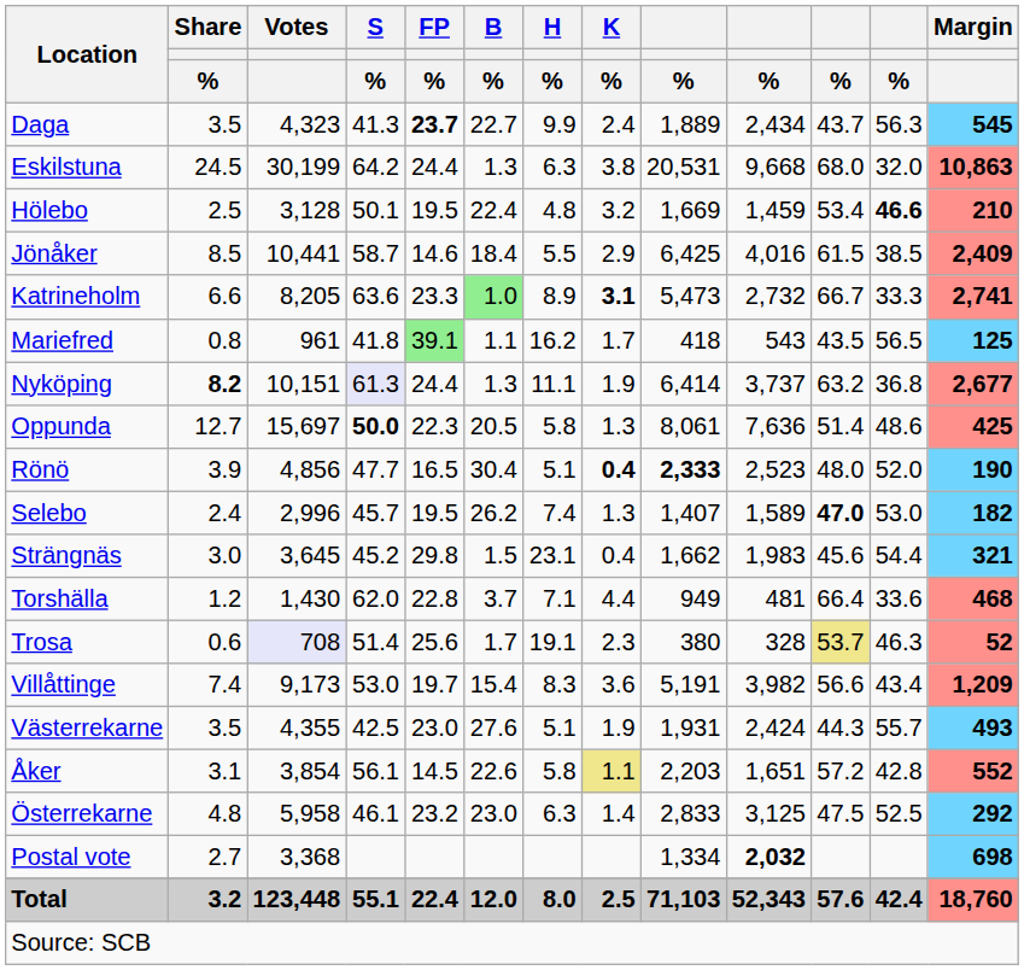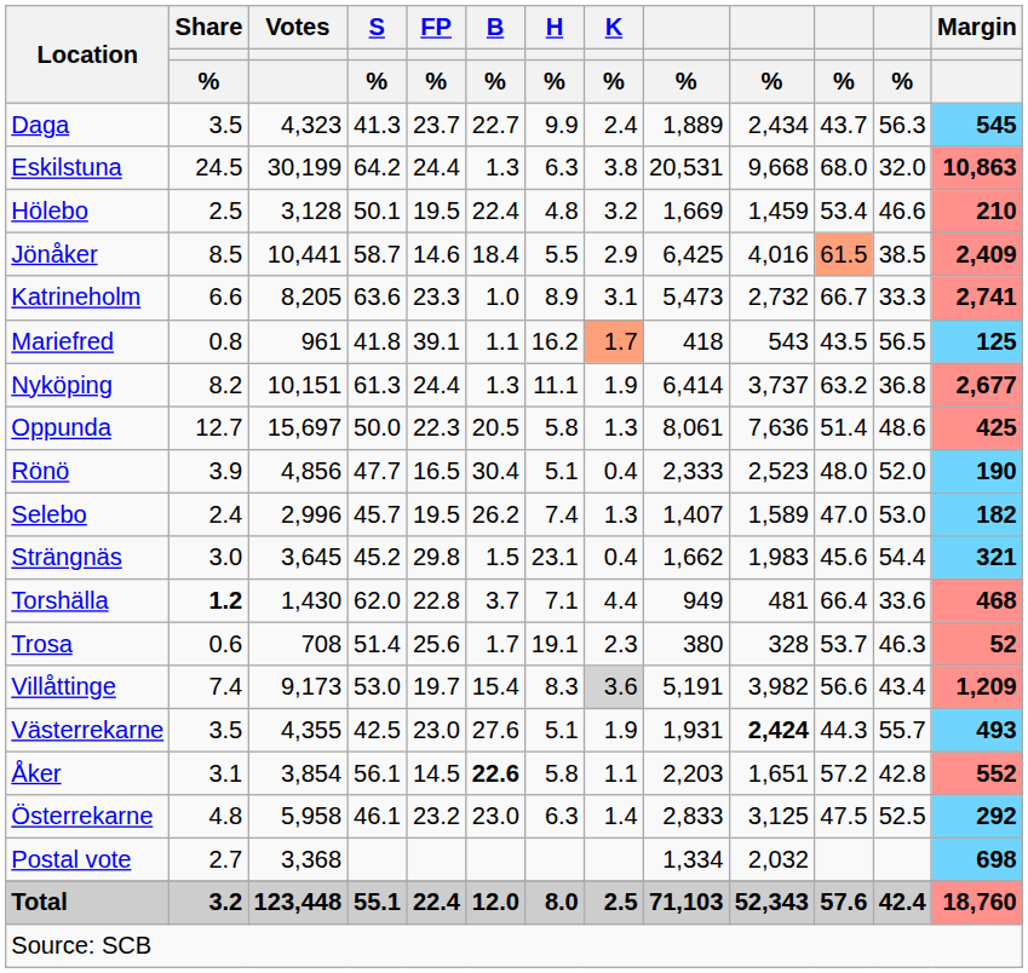 <table class="wikitable sortable" style="text-align:right; font-size:95%; line-height:20px;">
 <tr>
 <th rowspan="3">Location</th>
 <th>Share</th>
 <th>Votes</th>
 <th width="30px" class="unsortable"><a href='#'>S</a></th>
 <th width="30px" class="unsortable"><a href='#'>FP</a></th>
 <th width="30px" class="unsortable"><a href='#'>B</a></th>
 <th width="30px" class="unsortable"><a href='#'>H</a></th>
 <th width="30px" class="unsortable"><a href='#'>K</a></th>
 <th></th>
 <th></th>
 <th></th>
 <th></th>
 <th>Margin</th>
 </tr>
 <tr>
 <th></th>
 <th></th>
 <th style="background:"></th>
 <th style="background:"></th>
 <th style="background:"></th>
 <th style="background:"></th>
 <th style="background:"></th>
 <th style="background:"></th>
 <th style="background:"></th>
 <th style="background:"></th>
 <th style="background:"></th>
 <th></th>
 </tr>
 <tr>
 <th data-sort-type="number">%</th>
 <th></th>
 <th data-sort-type="number">%</th>
 <th data-sort-type="number">%</th>
 <th data-sort-type="number">%</th>
 <th data-sort-type="number">%</th>
 <th data-sort-type="number">%</th>
 <th data-sort-type="number">%</th>
 <th data-sort-type="number">%</th>
 <th data-sort-type="number">%</th>
 <th data-sort-type="number">%</th>
 <th data-sort-type="number"></th>
 </tr>
 <tr>
 <td align=left><a href='#'>Daga</a></td>
 <td>3.5</td>
 <td>4,323</td>
 <td>41.3</td>
-<td><strong>23.7</strong></td>
+<td>23.7</td>
 <td>22.7</td>
 <td>9.9</td>
 <td>2.4</td>
 <td>1,889</td>
 <td>2,434</td>
 <td>43.7</td>
 <td>56.3</td>
 <td bgcolor=#6fd5fe><strong>545</strong></td>
 </tr>
 <tr>
 <td align=left><a href='#'>Eskilstuna</a></td>
 <td>24.5</td>
 <td>30,199</td>
 <td>64.2</td>
 <td>24.4</td>
 <td>1.3</td>
 <td>6.3</td>
 <td>3.8</td>
 <td>20,531</td>
 <td>9,668</td>
 <td>68.0</td>
 <td>32.0</td>
 <td bgcolor=#ff908c><strong>10,863</strong></td>
 </tr>
 <tr>
 <td align=left><a href='#'>Hölebo</a></td>
 <td>2.5</td>
 <td>3,128</td>
 <td>50.1</td>
 <td>19.5</td>
 <td>22.4</td>
 <td>4.8</td>
 <td>3.2</td>
 <td>1,669</td>
 <td>1,459</td>
 <td>53.4</td>
-<td><strong>46.6</strong></td>
+<td>46.6</td>
 <td bgcolor=#ff908c><strong>210</strong></td>
 </tr>
 <tr>
 <td align=left><a href='#'>Jönåker</a></td>
 <td>8.5</td>
 <td>10,441</td>
 <td>58.7</td>
 <td>14.6</td>
 <td>18.4</td>
 <td>5.5</td>
 <td>2.9</td>
 <td>6,425</td>
 <td>4,016</td>
-<td>61.5</td>
+<td style="background: lightsalmon;">61.5</td>
 <td>38.5</td>
 <td bgcolor=#ff908c><strong>2,409</strong></td>
 </tr>
 <tr>
 <td align=left><a href='#'>Katrineholm</a></td>
 <td>6.6</td>
 <td>8,205</td>
 <td>63.6</td>
 <td>23.3</td>
-<td style="background: lightgreen;">1.0</td>
+<td>1.0</td>
 <td>8.9</td>
-<td><strong>3.1</strong></td>
+<td>3.1</td>
 <td>5,473</td>
 <td>2,732</td>
 <td>66.7</td>
 <td>33.3</td>
 <td bgcolor=#ff908c><strong>2,741</strong></td>
 </tr>
 <tr>
 <td align=left><a href='#'>Mariefred</a></td>
 <td>0.8</td>
 <td>961</td>
 <td>41.8</td>
-<td style="background: lightgreen;">39.1</td>
+<td>39.1</td>
 <td>1.1</td>
 <td>16.2</td>
-<td>1.7</td>
+<td style="background: lightsalmon;">1.7</td>
 <td>418</td>
 <td>543</td>
 <td>43.5</td>
 <td>56.5</td>
 <td bgcolor=#6fd5fe><strong>125</strong></td>
 </tr>
 <tr>
 <td align=left><a href='#'>Nyköping</a></td>
-<td><strong>8.2</strong></td>
+<td>8.2</td>
 <td>10,151</td>
-<td style="background: lavender;">61.3</td>
+<td>61.3</td>
 <td>24.4</td>
 <td>1.3</td>
 <td>11.1</td>
 <td>1.9</td>
 <td>6,414</td>
 <td>3,737</td>
 <td>63.2</td>
 <td>36.8</td>
 <td bgcolor=#ff908c><strong>2,677</strong></td>
 </tr>
 <tr>
 <td align=left><a href='#'>Oppunda</a></td>
 <td>12.7</td>
 <td>15,697</td>
-<td><strong>50.0</strong></td>
+<td>50.0</td>
 <td>22.3</td>
 <td>20.5</td>
 <td>5.8</td>
 <td>1.3</td>
 <td>8,061</td>
 <td>7,636</td>
 <td>51.4</td>
 <td>48.6</td>
 <td bgcolor=#ff908c><strong>425</strong></td>
 </tr>
 <tr>
 <td align=left><a href='#'>Rönö</a></td>
 <td>3.9</td>
 <td>4,856</td>
 <td>47.7</td>
 <td>16.5</td>
 <td>30.4</td>
 <td>5.1</td>
-<td><strong>0.4</strong></td>
-<td><strong>2,333</strong></td>
+<td>0.4</td>
+<td>2,333</td>
 <td>2,523</td>
 <td>48.0</td>
 <td>52.0</td>
 <td bgcolor=#6fd5fe><strong>190</strong></td>
 </tr>
 <tr>
 <td align=left><a href='#'>Selebo</a></td>
 <td>2.4</td>
 <td>2,996</td>
 <td>45.7</td>
 <td>19.5</td>
 <td>26.2</td>
 <td>7.4</td>
 <td>1.3</td>
 <td>1,407</td>
 <td>1,589</td>
-<td><strong>47.0</strong></td>
+<td>47.0</td>
 <td>53.0</td>
 <td bgcolor=#6fd5fe><strong>182</strong></td>
 </tr>
 <tr>
 <td align=left><a href='#'>Strängnäs</a></td>
 <td>3.0</td>
 <td>3,645</td>
 <td>45.2</td>
 <td>29.8</td>
 <td>1.5</td>
 <td>23.1</td>
 <td>0.4</td>
 <td>1,662</td>
 <td>1,983</td>
 <td>45.6</td>
 <td>54.4</td>
 <td bgcolor=#6fd5fe><strong>321</strong></td>
 </tr>
 <tr>
 <td align=left><a href='#'>Torshälla</a></td>
-<td>1.2</td>
+<td><strong>1.2</strong></td>
 <td>1,430</td>
 <td>62.0</td>
 <td>22.8</td>
 <td>3.7</td>
 <td>7.1</td>
 <td>4.4</td>
 <td>949</td>
 <td>481</td>
 <td>66.4</td>
 <td>33.6</td>
 <td bgcolor=#ff908c><strong>468</strong></td>
 </tr>
 <tr>
 <td align=left><a href='#'>Trosa</a></td>
 <td>0.6</td>
-<td style="background: lavender;">708</td>
+<td>708</td>
 <td>51.4</td>
 <td>25.6</td>
 <td>1.7</td>
 <td>19.1</td>
 <td>2.3</td>
 <td>380</td>
 <td>328</td>
-<td style="background: khaki;">53.7</td>
+<td>53.7</td>
 <td>46.3</td>
 <td bgcolor=#ff908c><strong>52</strong></td>
 </tr>
 <tr>
 <td align=left><a href='#'>Villåttinge</a></td>
 <td>7.4</td>
 <td>9,173</td>
 <td>53.0</td>
 <td>19.7</td>
 <td>15.4</td>
 <td>8.3</td>
-<td>3.6</td>
+<td style="background: lightgrey;">3.6</td>
 <td>5,191</td>
 <td>3,982</td>
 <td>56.6</td>
 <td>43.4</td>
 <td bgcolor=#ff908c><strong>1,209</strong></td>
 </tr>
 <tr>
 <td align=left><a href='#'>Västerrekarne</a></td>
 <td>3.5</td>
 <td>4,355</td>
 <td>42.5</td>
 <td>23.0</td>
 <td>27.6</td>
 <td>5.1</td>
 <td>1.9</td>
 <td>1,931</td>
-<td>2,424</td>
+<td><strong>2,424</strong></td>
 <td>44.3</td>
 <td>55.7</td>
 <td bgcolor=#6fd5fe><strong>493</strong></td>
 </tr>
 <tr>
 <td align=left><a href='#'>Åker</a></td>
 <td>3.1</td>
 <td>3,854</td>
 <td>56.1</td>
 <td>14.5</td>
-<td>22.6</td>
+<td><strong>22.6</strong></td>
 <td>5.8</td>
-<td style="background: khaki;">1.1</td>
+<td>1.1</td>
 <td>2,203</td>
 <td>1,651</td>
 <td>57.2</td>
 <td>42.8</td>
 <td bgcolor=#ff908c><strong>552</strong></td>
 </tr>
 <tr>
 <td align=left><a href='#'>Österrekarne</a></td>
 <td>4.8</td>
 <td>5,958</td>
 <td>46.1</td>
 <td>23.2</td>
 <td>23.0</td>
 <td>6.3</td>
 <td>1.4</td>
 <td>2,833</td>
 <td>3,125</td>
 <td>47.5</td>
 <td>52.5</td>
 <td bgcolor=#6fd5fe><strong>292</strong></td>
 </tr>
 <tr>
 <td align=left><a href='#'>Postal vote</a></td>
 <td>2.7</td>
 <td>3,368</td>
 <td></td>
 <td></td>
 <td></td>
 <td></td>
 <td></td>
 <td>1,334</td>
-<td><strong>2,032</strong></td>
+<td>2,032</td>
 <td></td>
 <td></td>
 <td bgcolor=#6fd5fe><strong>698</strong></td>
 </tr>
 <tr>
 </tr>
 <tr style="background:#CDCDCD;">
 <td align=left><strong>Total</strong></td>
 <td><strong>3.2</strong></td>
 <td><strong>123,448</strong></td>
 <td><strong>55.1</strong></td>
 <td><strong>22.4</strong></td>
 <td><strong>12.0</strong></td>
 <td><strong>8.0</strong></td>
 <td><strong>2.5</strong></td>
 <td><strong>71,103</strong></td>
 <td><strong>52,343</strong></td>
 <td><strong>57.6</strong></td>
 <td><strong>42.4</strong></td>
 <td bgcolor=#ff908c><strong>18,760</strong></td>
 </tr>
 <tr>
 <td align=left colspan=13>Source: SCB </td>
 </tr>
 </table>
